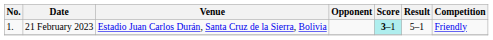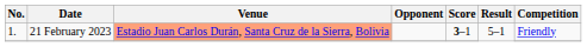 <table class="wikitable">
 <tr>
 <th>No.</th>
 <th>Date</th>
 <th>Venue</th>
 <th>Opponent</th>
 <th>Score</th>
 <th>Result</th>
 <th>Competition</th>
 </tr>
 <tr>
 <td>1.</td>
 <td>21 February 2023</td>
-<td><a href='#'>Estadio Juan Carlos Durán</a>, <a href='#'>Santa Cruz de la Sierra</a>, <a href='#'>Bolivia</a></td>
+<td style="background: lightsalmon;"><a href='#'>Estadio Juan Carlos Durán</a>, <a href='#'>Santa Cruz de la Sierra</a>, <a href='#'>Bolivia</a></td>
 <td></td>
-<td align=center style="background: paleturquoise;"><strong>3</strong>–1</td>
+<td align=center><strong>3</strong>–1</td>
 <td rowspan=2 align=center>5–1</td>
 <td><a href='#'>Friendly</a></td>
 </tr>
 <tr>
 </tr>
 </table>
